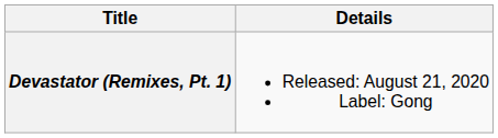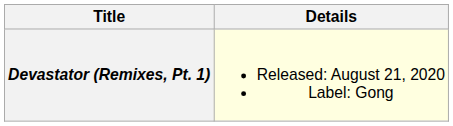 <table class="wikitable plainrowheaders" style="text-align:center;">
 <tr>
 <th scope="col">Title</th>
 <th scope="col">Details</th>
 </tr>
 <tr>
 <th scope="row"><em>Devastator (Remixes, Pt. 1)</em></th>
-<td><br><ul><li>Released: August 21, 2020</li><li>Label: Gong</li></ul></td>
+<td style="background: lightyellow;"><br><ul><li>Released: August 21, 2020</li><li>Label: Gong</li></ul></td>
 </tr>
 </table>
